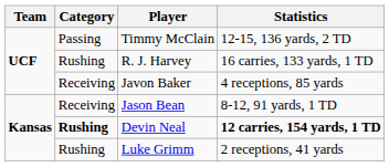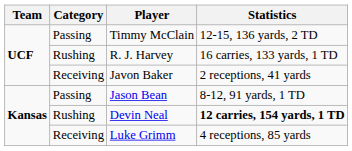 <table class="wikitable" style="float: right;">
 <tr>
 <th>Team</th>
 <th>Category</th>
 <th>Player</th>
 <th>Statistics</th>
 </tr>
 <tr>
 <td rowspan=3><strong>UCF</strong></td>
 <td>Passing</td>
 <td>Timmy McClain</td>
 <td>12-15, 136 yards, 2 TD</td>
 </tr>
 <tr>
 <td>Rushing</td>
 <td>R. J. Harvey</td>
 <td>16 carries, 133 yards, 1 TD</td>
 </tr>
 <tr>
 <td>Receiving</td>
 <td>Javon Baker</td>
-<td>4 receptions, 85 yards</td>
+<td>2 receptions, 41 yards</td>
 </tr>
 <tr>
 <td rowspan=3><strong>Kansas</strong></td>
-<td>Receiving</td>
+<td>Passing</td>
 <td><a href='#'>Jason Bean</a></td>
 <td>8-12, 91 yards, 1 TD</td>
 </tr>
 <tr>
-<td><strong>Rushing</strong></td>
+<td>Rushing</td>
 <td><a href='#'>Devin Neal</a></td>
 <td><strong>12 carries, 154 yards, 1 TD</strong></td>
 </tr>
 <tr>
-<td>Rushing</td>
+<td>Receiving</td>
 <td><a href='#'>Luke Grimm</a></td>
-<td>2 receptions, 41 yards</td>
+<td>4 receptions, 85 yards</td>
 </tr>
 </table>
